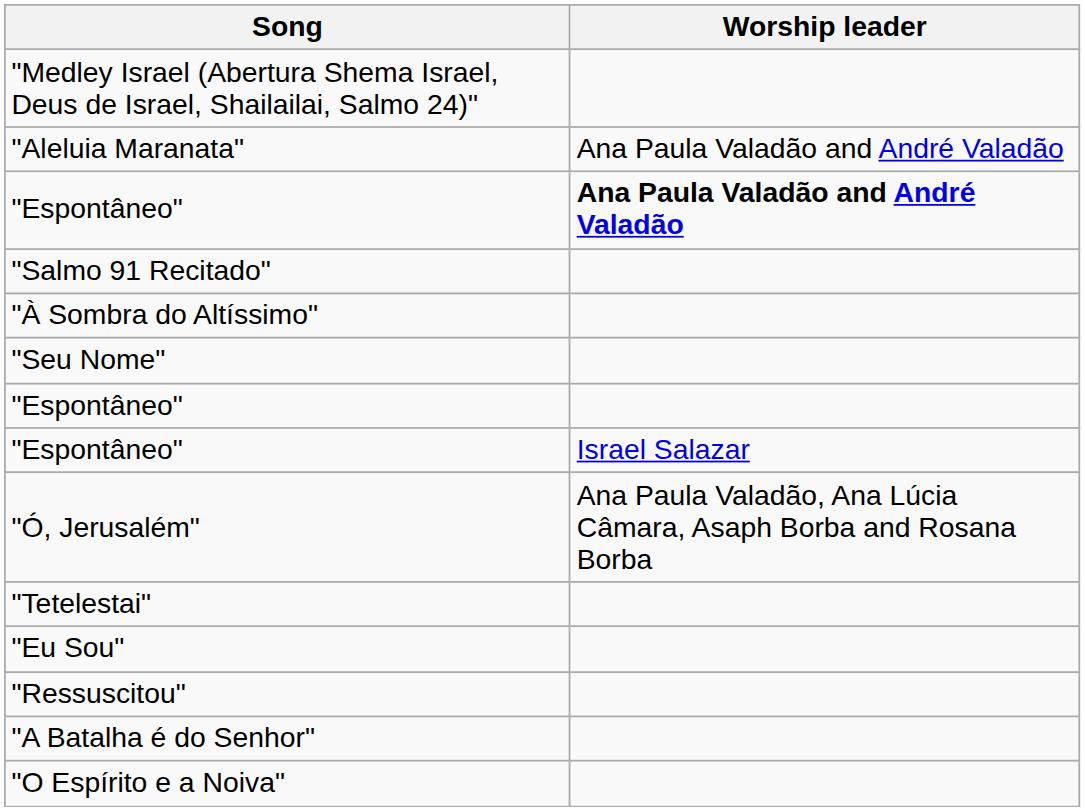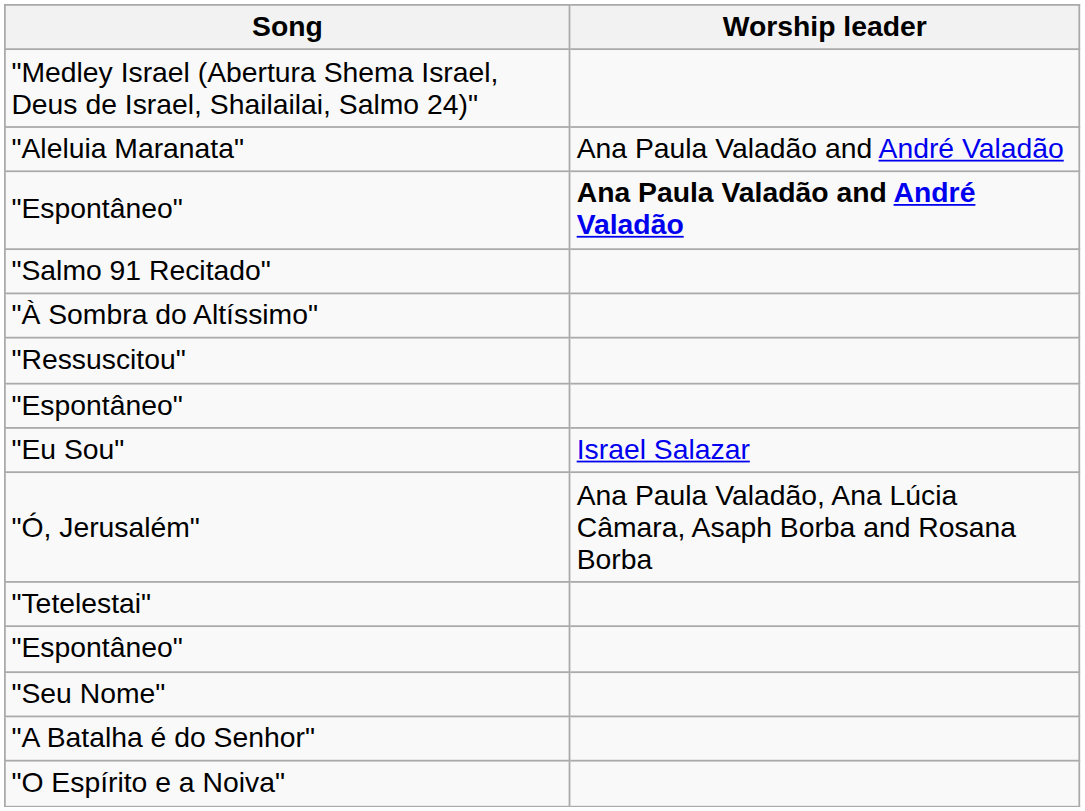 <table class="wikitable">
 <tr>
 <th>Song</th>
 <th>Worship leader</th>
 </tr>
 <tr>
 <td>"Medley Israel (Abertura Shema Israel, Deus de Israel, Shailailai, Salmo 24)"</td>
 <td></td>
 </tr>
 <tr>
 <td>"Aleluia Maranata"</td>
 <td>Ana Paula Valadão and <a href='#'>André Valadão</a></td>
 </tr>
 <tr>
 <td>"Espontâneo"</td>
 <td><strong>Ana Paula Valadão and <a href='#'>André Valadão</a></strong></td>
 </tr>
 <tr>
 <td>"Salmo 91 Recitado"</td>
 <td></td>
 </tr>
 <tr>
 <td>"À Sombra do Altíssimo"</td>
 <td></td>
 </tr>
 <tr>
-<td>"Seu Nome"</td>
+<td>"Ressuscitou"</td>
 <td></td>
 </tr>
 <tr>
 <td>"Espontâneo"</td>
 <td></td>
 </tr>
 <tr>
-<td>"Espontâneo"</td>
+<td>"Eu Sou"</td>
 <td><a href='#'>Israel Salazar</a></td>
 </tr>
 <tr>
 <td>"Ó, Jerusalém"</td>
 <td>Ana Paula Valadão, Ana Lúcia Câmara, Asaph Borba and Rosana Borba</td>
 </tr>
 <tr>
 <td>"Tetelestai"</td>
 <td></td>
 </tr>
 <tr>
-<td>"Eu Sou"</td>
+<td>"Espontâneo"</td>
 <td></td>
 </tr>
 <tr>
-<td>"Ressuscitou"</td>
+<td>"Seu Nome"</td>
 <td></td>
 </tr>
 <tr>
 <td>"A Batalha é do Senhor"</td>
 <td></td>
 </tr>
 <tr>
 <td>"O Espírito e a Noiva"</td>
 <td></td>
 </tr>
 </table>
